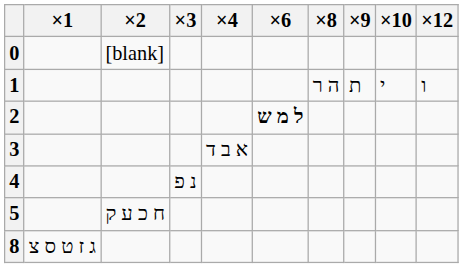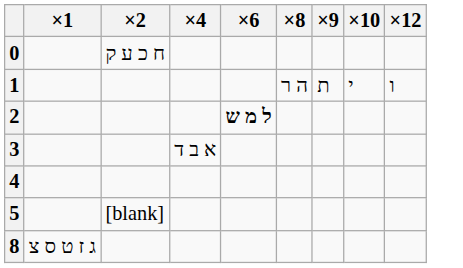 <table class="wikitable floatright" >
 <tr>
 <th></th>
 <th>×1</th>
 <th>×2</th>
-<th>×3</th>
 <th>×4</th>
 <th>×6</th>
 <th>×8</th>
 <th>×9</th>
 <th>×10</th>
 <th>×12</th>
 </tr>
 <tr>
 <th>0</th>
 <td></td>
-<td>[blank]</td>
-<td></td>
+<td>ח כ ע ק</td>
 <td></td>
 <td></td>
 <td></td>
 <td></td>
 <td></td>
 <td></td>
 </tr>
 <tr>
 <th>1</th>
-<td></td>
 <td></td>
 <td></td>
 <td></td>
 <td></td>
 <td>ה ר‎</td>
 <td>ת‎</td>
 <td>י‎</td>
 <td>ו</td>
 </tr>
 <tr>
 <th>2</th>
 <td></td>
 <td></td>
 <td></td>
-<td></td>
 <td><strong>ל מ ש</strong></td>
 <td></td>
 <td></td>
 <td></td>
 <td></td>
 </tr>
 <tr>
 <th>3</th>
-<td></td>
 <td></td>
 <td></td>
 <td>א ב ד</td>
 <td></td>
 <td></td>
 <td></td>
 <td></td>
 <td></td>
 </tr>
 <tr>
 <th>4</th>
 <td></td>
 <td></td>
-<td>נ פ</td>
 <td></td>
 <td></td>
 <td></td>
 <td></td>
 <td></td>
 <td></td>
 </tr>
 <tr>
 <th>5</th>
 <td></td>
-<td>ח כ ע ק</td>
-<td></td>
+<td>[blank]</td>
 <td></td>
 <td></td>
 <td></td>
 <td></td>
 <td></td>
 <td></td>
 </tr>
 <tr>
 <th>8</th>
 <td>ג ז ט ס צ</td>
 <td></td>
 <td></td>
 <td></td>
 <td></td>
 <td></td>
 <td></td>
 <td></td>
-<td></td>
 </tr>
 </table>
